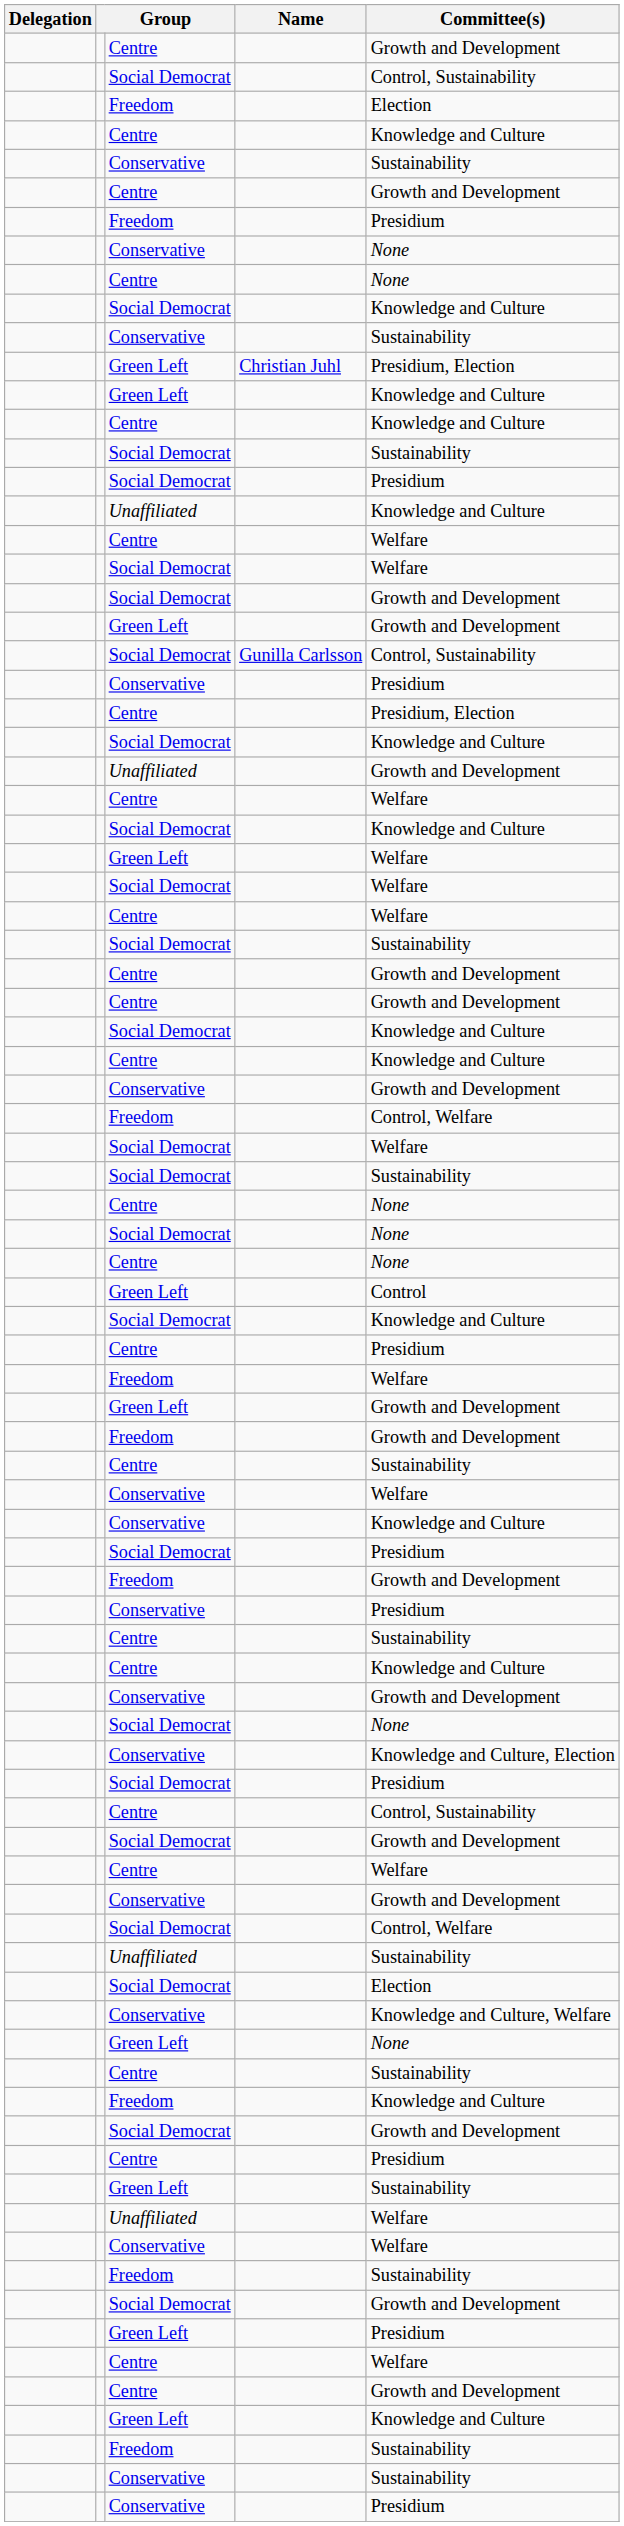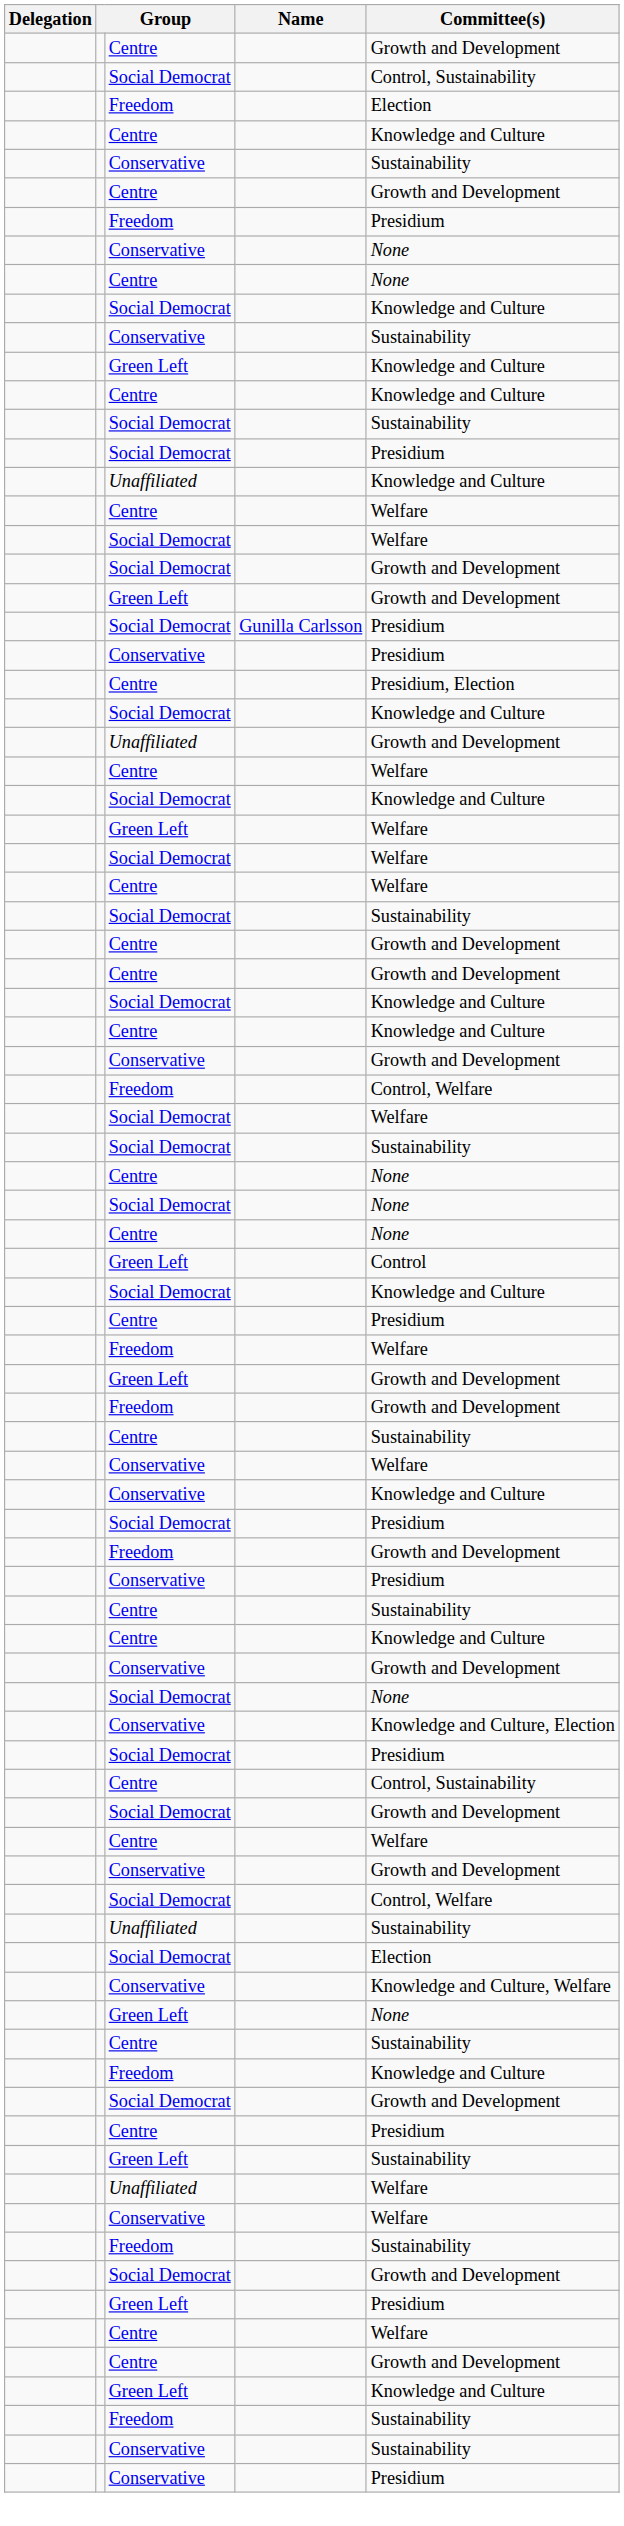 <table class="wikitable sortable">
 <tr>
 <th>Delegation</th>
 <th colspan=2>Group</th>
 <th>Name</th>
 <th>Committee(s)</th>
 </tr>
 <tr>
 <td></td>
 <td style="background: "></td>
 <td><a href='#'>Centre</a></td>
 <td></td>
 <td>Growth and Development</td>
 </tr>
 <tr>
 <td></td>
 <td style="background: "></td>
 <td><a href='#'>Social Democrat</a></td>
 <td></td>
 <td>Control, Sustainability</td>
 </tr>
 <tr>
 <td></td>
 <td style="background: "></td>
 <td><a href='#'>Freedom</a></td>
 <td></td>
 <td>Election</td>
 </tr>
 <tr>
 <td></td>
 <td style="background: "></td>
 <td><a href='#'>Centre</a></td>
 <td></td>
 <td>Knowledge and Culture</td>
 </tr>
 <tr>
 <td></td>
 <td style="background: "></td>
 <td><a href='#'>Conservative</a></td>
 <td></td>
 <td>Sustainability</td>
 </tr>
 <tr>
 <td></td>
 <td style="background: "></td>
 <td><a href='#'>Centre</a></td>
 <td></td>
 <td>Growth and Development</td>
 </tr>
 <tr>
 <td></td>
 <td style="background: "></td>
 <td><a href='#'>Freedom</a></td>
 <td></td>
 <td>Presidium</td>
 </tr>
 <tr>
 <td></td>
 <td style="background: "></td>
 <td><a href='#'>Conservative</a></td>
 <td></td>
 <td><em>None</em></td>
 </tr>
 <tr>
 <td></td>
 <td style="background: "></td>
 <td><a href='#'>Centre</a></td>
 <td></td>
 <td><em>None</em></td>
 </tr>
 <tr>
 <td></td>
 <td style="background: "></td>
 <td><a href='#'>Social Democrat</a></td>
 <td></td>
 <td>Knowledge and Culture</td>
 </tr>
 <tr>
 <td></td>
 <td style="background: "></td>
 <td><a href='#'>Conservative</a></td>
 <td></td>
 <td>Sustainability</td>
 </tr>
 <tr>
 <td></td>
 <td style="background: "></td>
 <td><a href='#'>Green Left</a></td>
-<td><a href='#'>Christian Juhl</a></td>
-<td>Presidium, Election</td>
-</tr>
-<tr>
-<td></td>
-<td style="background: "></td>
-<td><a href='#'>Green Left</a></td>
 <td></td>
 <td>Knowledge and Culture</td>
 </tr>
 <tr>
 <td></td>
 <td style="background: "></td>
 <td><a href='#'>Centre</a></td>
 <td></td>
 <td>Knowledge and Culture</td>
 </tr>
 <tr>
 <td></td>
 <td style="background: "></td>
 <td><a href='#'>Social Democrat</a></td>
 <td></td>
 <td>Sustainability</td>
 </tr>
 <tr>
 <td></td>
 <td style="background: "></td>
 <td><a href='#'>Social Democrat</a></td>
 <td></td>
 <td>Presidium</td>
 </tr>
 <tr>
 <td></td>
 <td style="background: "></td>
 <td><em>Unaffiliated</em></td>
 <td></td>
 <td>Knowledge and Culture</td>
 </tr>
 <tr>
 <td></td>
 <td style="background: "></td>
 <td><a href='#'>Centre</a></td>
 <td></td>
 <td>Welfare</td>
 </tr>
 <tr>
 <td></td>
 <td style="background: "></td>
 <td><a href='#'>Social Democrat</a></td>
 <td></td>
 <td>Welfare</td>
 </tr>
 <tr>
 <td></td>
 <td style="background: "></td>
 <td><a href='#'>Social Democrat</a></td>
 <td></td>
 <td>Growth and Development</td>
 </tr>
 <tr>
 <td></td>
 <td style="background: "></td>
 <td><a href='#'>Green Left</a></td>
 <td></td>
 <td>Growth and Development</td>
 </tr>
 <tr>
 <td></td>
 <td style="background: "></td>
 <td><a href='#'>Social Democrat</a></td>
 <td><a href='#'>Gunilla Carlsson</a></td>
-<td>Control, Sustainability</td>
+<td>Presidium</td>
 </tr>
 <tr>
 <td></td>
 <td style="background: "></td>
 <td><a href='#'>Conservative</a></td>
 <td></td>
 <td>Presidium</td>
 </tr>
 <tr>
 <td></td>
 <td style="background: "></td>
 <td><a href='#'>Centre</a></td>
 <td></td>
 <td>Presidium, Election</td>
 </tr>
 <tr>
 <td></td>
 <td style="background: "></td>
 <td><a href='#'>Social Democrat</a></td>
 <td></td>
 <td>Knowledge and Culture</td>
 </tr>
 <tr>
 <td></td>
 <td style="background: "></td>
 <td><em>Unaffiliated</em></td>
 <td></td>
 <td>Growth and Development</td>
 </tr>
 <tr>
 <td></td>
 <td style="background: "></td>
 <td><a href='#'>Centre</a></td>
 <td></td>
 <td>Welfare</td>
 </tr>
 <tr>
 <td></td>
 <td style="background: "></td>
 <td><a href='#'>Social Democrat</a></td>
 <td></td>
 <td>Knowledge and Culture</td>
 </tr>
 <tr>
 <td></td>
 <td style="background: "></td>
 <td><a href='#'>Green Left</a></td>
 <td></td>
 <td>Welfare</td>
 </tr>
 <tr>
 <td></td>
 <td style="background: "></td>
 <td><a href='#'>Social Democrat</a></td>
 <td></td>
 <td>Welfare</td>
 </tr>
 <tr>
 <td></td>
 <td style="background: "></td>
 <td><a href='#'>Centre</a></td>
 <td></td>
 <td>Welfare</td>
 </tr>
 <tr>
 <td></td>
 <td style="background: "></td>
 <td><a href='#'>Social Democrat</a></td>
 <td></td>
 <td>Sustainability</td>
 </tr>
 <tr>
 <td></td>
 <td style="background: "></td>
 <td><a href='#'>Centre</a></td>
 <td></td>
 <td>Growth and Development</td>
 </tr>
 <tr>
 <td></td>
 <td style="background: "></td>
 <td><a href='#'>Centre</a></td>
 <td></td>
 <td>Growth and Development</td>
 </tr>
 <tr>
 <td></td>
 <td style="background: "></td>
 <td><a href='#'>Social Democrat</a></td>
 <td></td>
 <td>Knowledge and Culture</td>
 </tr>
 <tr>
 <td></td>
 <td style="background: "></td>
 <td><a href='#'>Centre</a></td>
 <td></td>
 <td>Knowledge and Culture</td>
 </tr>
 <tr>
 <td></td>
 <td style="background: "></td>
 <td><a href='#'>Conservative</a></td>
 <td></td>
 <td>Growth and Development</td>
 </tr>
 <tr>
 <td></td>
 <td style="background: "></td>
 <td><a href='#'>Freedom</a></td>
 <td></td>
 <td>Control, Welfare</td>
 </tr>
 <tr>
 <td></td>
 <td style="background: "></td>
 <td><a href='#'>Social Democrat</a></td>
 <td></td>
 <td>Welfare</td>
 </tr>
 <tr>
 <td></td>
 <td style="background: "></td>
 <td><a href='#'>Social Democrat</a></td>
 <td></td>
 <td>Sustainability</td>
 </tr>
 <tr>
 <td></td>
 <td style="background: "></td>
 <td><a href='#'>Centre</a></td>
 <td></td>
 <td><em>None</em></td>
 </tr>
 <tr>
 <td></td>
 <td style="background: "></td>
 <td><a href='#'>Social Democrat</a></td>
 <td></td>
 <td><em>None</em></td>
 </tr>
 <tr>
 <td></td>
 <td style="background: "></td>
 <td><a href='#'>Centre</a></td>
 <td></td>
 <td><em>None</em></td>
 </tr>
 <tr>
 <td></td>
 <td style="background: "></td>
 <td><a href='#'>Green Left</a></td>
 <td></td>
 <td>Control</td>
 </tr>
 <tr>
 <td></td>
 <td style="background: "></td>
 <td><a href='#'>Social Democrat</a></td>
 <td></td>
 <td>Knowledge and Culture</td>
 </tr>
 <tr>
 <td></td>
 <td style="background: "></td>
 <td><a href='#'>Centre</a></td>
 <td></td>
 <td>Presidium</td>
 </tr>
 <tr>
 <td></td>
 <td style="background: "></td>
 <td><a href='#'>Freedom</a></td>
 <td></td>
 <td>Welfare</td>
 </tr>
 <tr>
 <td></td>
 <td style="background: "></td>
 <td><a href='#'>Green Left</a></td>
 <td></td>
 <td>Growth and Development</td>
 </tr>
 <tr>
 <td></td>
 <td style="background: "></td>
 <td><a href='#'>Freedom</a></td>
 <td></td>
 <td>Growth and Development</td>
 </tr>
 <tr>
 <td></td>
 <td style="background: "></td>
 <td><a href='#'>Centre</a></td>
 <td></td>
 <td>Sustainability</td>
 </tr>
 <tr>
 <td></td>
 <td style="background: "></td>
 <td><a href='#'>Conservative</a></td>
 <td></td>
 <td>Welfare</td>
 </tr>
 <tr>
 <td></td>
 <td style="background: "></td>
 <td><a href='#'>Conservative</a></td>
 <td></td>
 <td>Knowledge and Culture</td>
 </tr>
 <tr>
 <td></td>
 <td style="background: "></td>
 <td><a href='#'>Social Democrat</a></td>
 <td></td>
 <td>Presidium</td>
 </tr>
 <tr>
 <td></td>
 <td style="background: "></td>
 <td><a href='#'>Freedom</a></td>
 <td></td>
 <td>Growth and Development</td>
 </tr>
 <tr>
 <td></td>
 <td style="background: "></td>
 <td><a href='#'>Conservative</a></td>
 <td></td>
 <td>Presidium</td>
 </tr>
 <tr>
 <td></td>
 <td style="background: "></td>
 <td><a href='#'>Centre</a></td>
 <td></td>
 <td>Sustainability</td>
 </tr>
 <tr>
 <td></td>
 <td style="background: "></td>
 <td><a href='#'>Centre</a></td>
 <td></td>
 <td>Knowledge and Culture</td>
 </tr>
 <tr>
 <td></td>
 <td style="background: "></td>
 <td><a href='#'>Conservative</a></td>
 <td></td>
 <td>Growth and Development</td>
 </tr>
 <tr>
 <td></td>
 <td style="background: "></td>
 <td><a href='#'>Social Democrat</a></td>
 <td></td>
 <td><em>None</em></td>
 </tr>
 <tr>
 <td></td>
 <td style="background: "></td>
 <td><a href='#'>Conservative</a></td>
 <td></td>
 <td>Knowledge and Culture, Election</td>
 </tr>
 <tr>
 <td></td>
 <td style="background: "></td>
 <td><a href='#'>Social Democrat</a></td>
 <td></td>
 <td>Presidium</td>
 </tr>
 <tr>
 <td></td>
 <td style="background: "></td>
 <td><a href='#'>Centre</a></td>
 <td></td>
 <td>Control, Sustainability</td>
 </tr>
 <tr>
 <td></td>
 <td style="background: "></td>
 <td><a href='#'>Social Democrat</a></td>
 <td></td>
 <td>Growth and Development</td>
 </tr>
 <tr>
 <td></td>
 <td style="background: "></td>
 <td><a href='#'>Centre</a></td>
 <td></td>
 <td>Welfare</td>
 </tr>
 <tr>
 <td></td>
 <td style="background: "></td>
 <td><a href='#'>Conservative</a></td>
 <td></td>
 <td>Growth and Development</td>
 </tr>
 <tr>
 <td></td>
 <td style="background: "></td>
 <td><a href='#'>Social Democrat</a></td>
 <td></td>
 <td>Control, Welfare</td>
 </tr>
 <tr>
 <td></td>
 <td style="background: "></td>
 <td><em>Unaffiliated</em></td>
 <td></td>
 <td>Sustainability</td>
 </tr>
 <tr>
 <td></td>
 <td style="background: "></td>
 <td><a href='#'>Social Democrat</a></td>
 <td></td>
 <td>Election</td>
 </tr>
 <tr>
 <td></td>
 <td style="background: "></td>
 <td><a href='#'>Conservative</a></td>
 <td></td>
 <td>Knowledge and Culture, Welfare</td>
 </tr>
 <tr>
 <td></td>
 <td style="background: "></td>
 <td><a href='#'>Green Left</a></td>
 <td></td>
 <td><em>None</em></td>
 </tr>
 <tr>
 <td></td>
 <td style="background: "></td>
 <td><a href='#'>Centre</a></td>
 <td></td>
 <td>Sustainability</td>
 </tr>
 <tr>
 <td></td>
 <td style="background: "></td>
 <td><a href='#'>Freedom</a></td>
 <td></td>
 <td>Knowledge and Culture</td>
 </tr>
 <tr>
 <td></td>
 <td style="background: "></td>
 <td><a href='#'>Social Democrat</a></td>
 <td></td>
 <td>Growth and Development</td>
 </tr>
 <tr>
 <td></td>
 <td style="background: "></td>
 <td><a href='#'>Centre</a></td>
 <td></td>
 <td>Presidium</td>
 </tr>
 <tr>
 <td></td>
 <td style="background: "></td>
 <td><a href='#'>Green Left</a></td>
 <td></td>
 <td>Sustainability</td>
 </tr>
 <tr>
 <td></td>
 <td style="background: "></td>
 <td><em>Unaffiliated</em></td>
 <td></td>
 <td>Welfare</td>
 </tr>
 <tr>
 <td></td>
 <td style="background: "></td>
 <td><a href='#'>Conservative</a></td>
 <td></td>
 <td>Welfare</td>
 </tr>
 <tr>
 <td></td>
 <td style="background: "></td>
 <td><a href='#'>Freedom</a></td>
 <td></td>
 <td>Sustainability</td>
 </tr>
 <tr>
 <td></td>
 <td style="background: "></td>
 <td><a href='#'>Social Democrat</a></td>
 <td></td>
 <td>Growth and Development</td>
 </tr>
 <tr>
 <td></td>
 <td style="background: "></td>
 <td><a href='#'>Green Left</a></td>
 <td></td>
 <td>Presidium</td>
 </tr>
 <tr>
 <td></td>
 <td style="background: "></td>
 <td><a href='#'>Centre</a></td>
 <td></td>
 <td>Welfare</td>
 </tr>
 <tr>
 <td></td>
 <td style="background: "></td>
 <td><a href='#'>Centre</a></td>
 <td></td>
 <td>Growth and Development</td>
 </tr>
 <tr>
 <td></td>
 <td style="background: "></td>
 <td><a href='#'>Green Left</a></td>
 <td></td>
 <td>Knowledge and Culture</td>
 </tr>
 <tr>
 <td></td>
 <td style="background: "></td>
 <td><a href='#'>Freedom</a></td>
 <td></td>
 <td>Sustainability</td>
 </tr>
 <tr>
 <td></td>
 <td style="background: "></td>
 <td><a href='#'>Conservative</a></td>
 <td></td>
 <td>Sustainability</td>
 </tr>
 <tr>
 <td></td>
 <td style="background: "></td>
 <td><a href='#'>Conservative</a></td>
 <td></td>
 <td>Presidium</td>
 </tr>
 </table>
